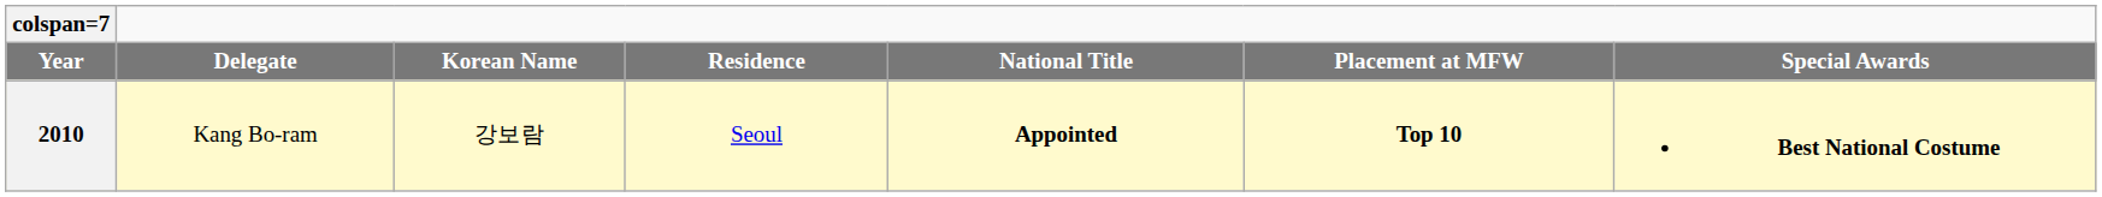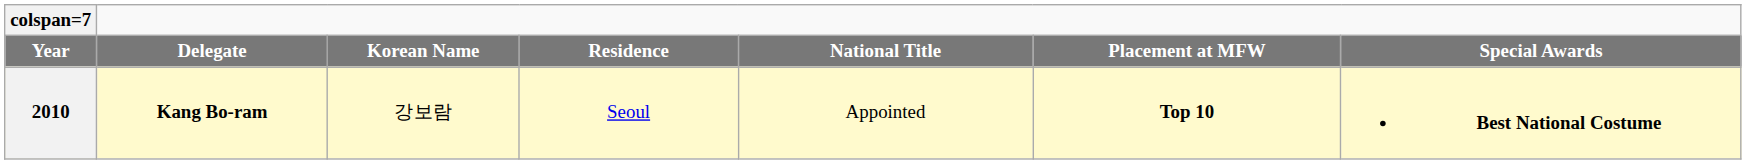 <table class="wikitable sortable" style="font-size: 85%; text-align:center">
 <tr>
 <th>colspan=7 </th>
 </tr>
 <tr>
 <th width="60" style="background-color:#787878;color:#FFFFFF;">Year</th>
 <th width="170" style="background-color:#787878;color:#FFFFFF;">Delegate</th>
 <th width="140" style="background-color:#787878;color:#FFFFFF;">Korean Name</th>
 <th width="160" style="background-color:#787878;color:#FFFFFF;">Residence</th>
 <th width="220" style="background-color:#787878;color:#FFFFFF;">National Title</th>
 <th width="230" style="background-color:#787878;color:#FFFFFF;">Placement at MFW</th>
 <th width="300" style="background-color:#787878;color:#FFFFFF;">Special Awards</th>
 </tr>
 <tr style="background-color:#FFFACD;">
 <th>2010</th>
-<td>Kang Bo-ram</td>
+<td><strong>Kang Bo-ram</strong></td>
 <td>강보람</td>
 <td><a href='#'>Seoul</a></td>
-<td><strong>Appointed</strong></td>
+<td>Appointed</td>
 <td><strong>Top 10</strong></td>
 <td><br><ul><li><strong>Best National Costume </strong></li></ul></td>
 </tr>
 </table>
